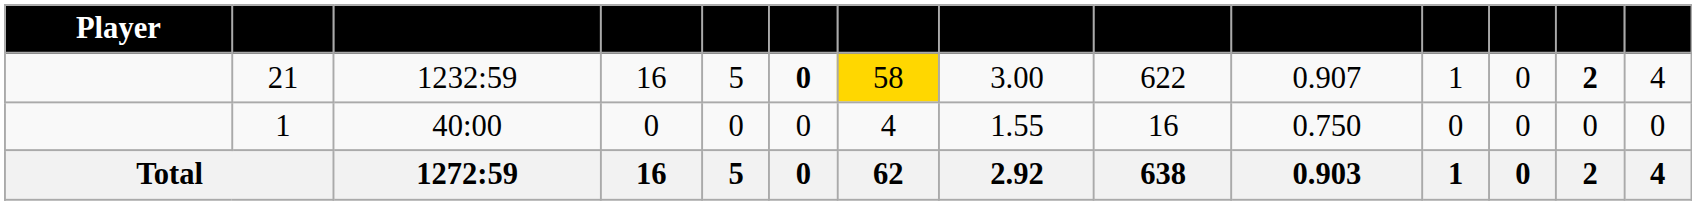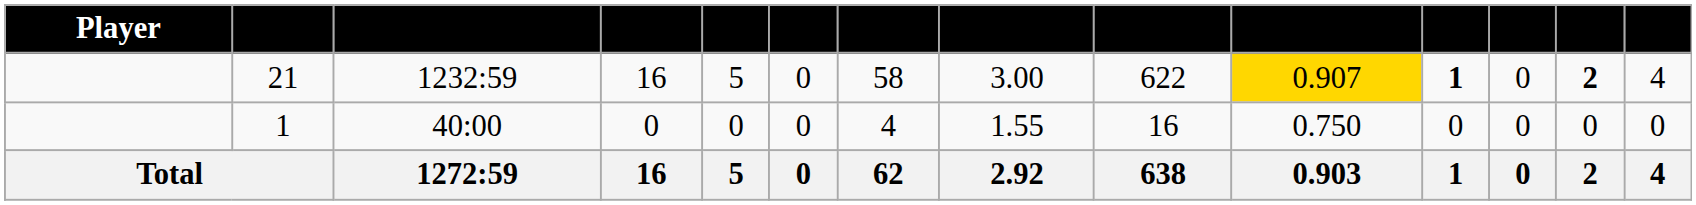 <table class="wikitable sortable" style="width:100%; text-align:center;">
 <tr>
 <th style="color:white; background:#000000; ">Player</th>
 <th style="color:white; background:#000000; "></th>
 <th style="color:white; background:#000000; "></th>
 <th style="color:white; background:#000000; "></th>
 <th style="color:white; background:#000000; "></th>
 <th style="color:white; background:#000000; "></th>
 <th style="color:white; background:#000000; "></th>
 <th style="color:white; background:#000000; "></th>
 <th style="color:white; background:#000000; "></th>
 <th style="color:white; background:#000000; "></th>
 <th style="color:white; background:#000000; "></th>
 <th style="color:white; background:#000000; "></th>
 <th style="color:white; background:#000000; "></th>
 <th style="color:white; background:#000000; "></th>
 </tr>
 <tr>
 <td></td>
 <td>21</td>
 <td>1232:59</td>
 <td>16</td>
 <td>5</td>
-<td><strong>0</strong></td>
-<td style="background: gold;">58</td>
+<td>0</td>
+<td>58</td>
 <td>3.00</td>
 <td>622</td>
-<td>0.907</td>
-<td>1</td>
+<td style="background: gold;">0.907</td>
+<td><strong>1</strong></td>
 <td>0</td>
 <td><strong>2</strong></td>
 <td>4</td>
 </tr>
 <tr>
 <td></td>
 <td>1</td>
 <td>40:00</td>
 <td>0</td>
 <td>0</td>
 <td>0</td>
 <td>4</td>
 <td>1.55</td>
 <td>16</td>
 <td>0.750</td>
 <td>0</td>
 <td>0</td>
 <td>0</td>
 <td>0</td>
 </tr>
 <tr class="sortbotom">
 <th colspan=2>Total</th>
 <th>1272:59</th>
 <th>16</th>
 <th>5</th>
 <th>0</th>
 <th>62</th>
 <th>2.92</th>
 <th>638</th>
 <th>0.903</th>
 <th>1</th>
 <th>0</th>
 <th>2</th>
 <th>4</th>
 </tr>
 </table>
